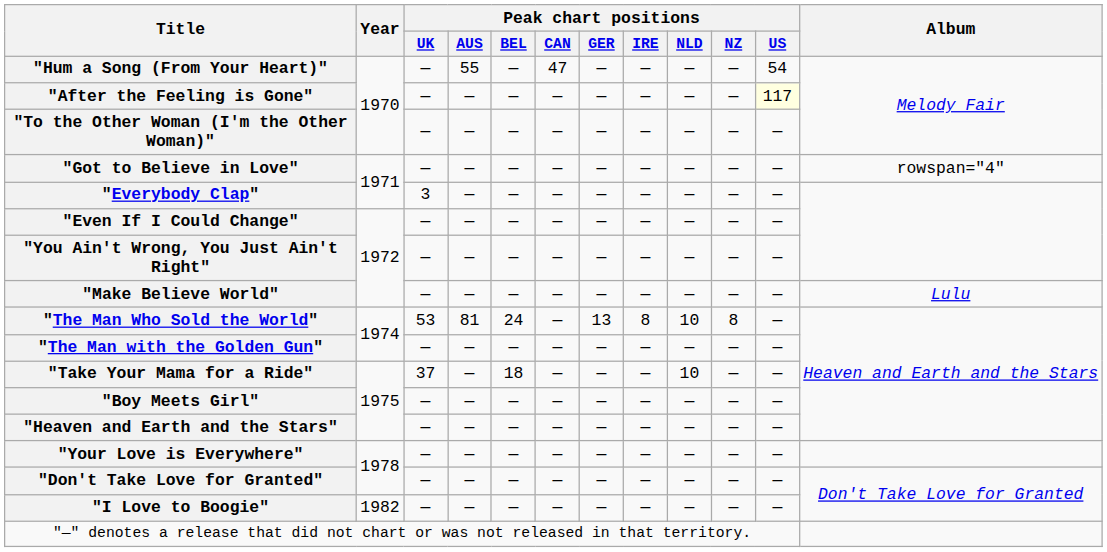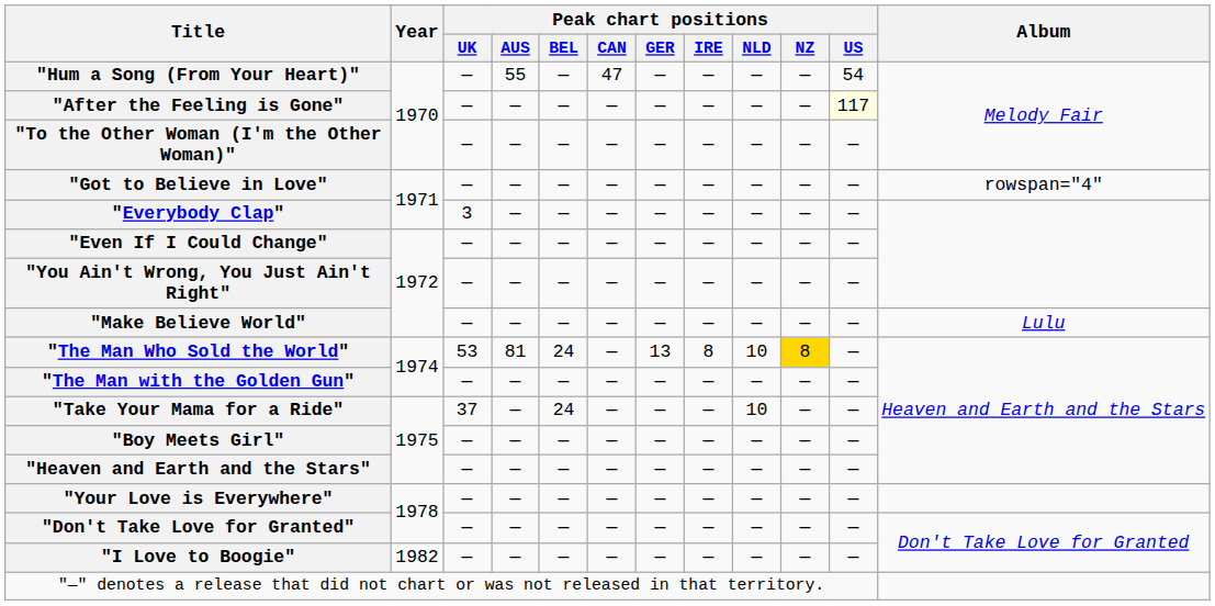 <table class="wikitable plainrowheaders" style="text-align:center;">
 <tr>
 <th scope="col" rowspan="2" style="width:21em;">Title</th>
 <th scope="col" rowspan="2">Year</th>
 <th scope="col" colspan="9">Peak chart positions</th>
 <th scope="col" rowspan="2">Album</th>
 </tr>
 <tr>
 <th style="width:2.5em;font-size:90%"><a href='#'>UK</a><br></th>
 <th style="width:2.5em;font-size:90%"><a href='#'>AUS</a><br></th>
 <th style="width:2.5em;font-size:90%"><a href='#'>BEL</a></th>
 <th style="width:2.5em;font-size:90%"><a href='#'>CAN</a></th>
 <th style="width:2.5em;font-size:90%"><a href='#'>GER</a></th>
 <th style="width:2.5em;font-size:90%"><a href='#'>IRE</a></th>
 <th style="width:2.5em;font-size:90%"><a href='#'>NLD</a></th>
 <th style="width:2.5em;font-size:90%"><a href='#'>NZ</a></th>
 <th style="width:2.5em;font-size:90%"><a href='#'>US</a><br></th>
 </tr>
 <tr>
 <th scope="row">"Hum a Song (From Your Heart)"<br></th>
 <td rowspan="3">1970</td>
 <td>—</td>
 <td>55</td>
 <td>—</td>
 <td>47</td>
 <td>—</td>
 <td>—</td>
 <td>—</td>
 <td>—</td>
 <td>54</td>
 <td rowspan="3"><em><a href='#'>Melody Fair</a></em></td>
 </tr>
 <tr>
 <th scope="row">"After the Feeling is Gone"<br></th>
 <td>—</td>
 <td>—</td>
 <td>—</td>
 <td>—</td>
 <td>—</td>
 <td>—</td>
 <td>—</td>
 <td>—</td>
 <td style="background: lightyellow;">117</td>
 </tr>
 <tr>
 <th scope="row">"To the Other Woman (I'm the Other Woman)"<br></th>
 <td>—</td>
 <td>—</td>
 <td>—</td>
 <td>—</td>
 <td>—</td>
 <td>—</td>
 <td>—</td>
 <td>—</td>
 <td>—</td>
 </tr>
 <tr>
 <th scope="row">"Got to Believe in Love"</th>
 <td rowspan="2">1971</td>
 <td>—</td>
 <td>—</td>
 <td>—</td>
 <td>—</td>
 <td>—</td>
 <td>—</td>
 <td>—</td>
 <td>—</td>
 <td>—</td>
 <td>rowspan="4" </td>
 </tr>
 <tr>
 <th scope="row">"<a href='#'>Everybody Clap</a>"</th>
 <td>3</td>
 <td>—</td>
 <td>—</td>
 <td>—</td>
 <td>—</td>
 <td>—</td>
 <td>—</td>
 <td>—</td>
 <td>—</td>
 </tr>
 <tr>
 <th scope="row">"Even If I Could Change"</th>
 <td rowspan="3">1972</td>
 <td>—</td>
 <td>—</td>
 <td>—</td>
 <td>—</td>
 <td>—</td>
 <td>—</td>
 <td>—</td>
 <td>—</td>
 <td>—</td>
 </tr>
 <tr>
 <th scope="row">"You Ain't Wrong, You Just Ain't Right"</th>
 <td>—</td>
 <td>—</td>
 <td>—</td>
 <td>—</td>
 <td>—</td>
 <td>—</td>
 <td>—</td>
 <td>—</td>
 <td>—</td>
 </tr>
 <tr>
 <th scope="row">"Make Believe World"</th>
 <td>—</td>
 <td>—</td>
 <td>—</td>
 <td>—</td>
 <td>—</td>
 <td>—</td>
 <td>—</td>
 <td>—</td>
 <td>—</td>
 <td><em><a href='#'>Lulu</a></em></td>
 </tr>
 <tr>
 <th scope="row">"<a href='#'>The Man Who Sold the World</a>"</th>
 <td rowspan="2">1974</td>
 <td>53</td>
 <td>81</td>
 <td>24</td>
 <td>—</td>
 <td>13</td>
 <td>8</td>
 <td>10</td>
-<td>8</td>
+<td style="background: gold;">8</td>
 <td>—</td>
 <td rowspan="5"><em><a href='#'>Heaven and Earth and the Stars</a></em></td>
 </tr>
 <tr>
 <th scope="row">"<a href='#'>The Man with the Golden Gun</a>"</th>
 <td>—</td>
 <td>—</td>
 <td>—</td>
 <td>—</td>
 <td>—</td>
 <td>—</td>
 <td>—</td>
 <td>—</td>
 <td>—</td>
 </tr>
 <tr>
 <th scope="row">"Take Your Mama for a Ride"</th>
 <td rowspan="3">1975</td>
 <td>37</td>
 <td>—</td>
-<td>18</td>
+<td>24</td>
 <td>—</td>
 <td>—</td>
 <td>—</td>
 <td>10</td>
 <td>—</td>
 <td>—</td>
 </tr>
 <tr>
 <th scope="row">"Boy Meets Girl"</th>
 <td>—</td>
 <td>—</td>
 <td>—</td>
 <td>—</td>
 <td>—</td>
 <td>—</td>
 <td>—</td>
 <td>—</td>
 <td>—</td>
 </tr>
 <tr>
 <th scope="row">"Heaven and Earth and the Stars"</th>
 <td>—</td>
 <td>—</td>
 <td>—</td>
 <td>—</td>
 <td>—</td>
 <td>—</td>
 <td>—</td>
 <td>—</td>
 <td>—</td>
 </tr>
 <tr>
 <th scope="row">"Your Love is Everywhere"</th>
 <td rowspan="2">1978</td>
 <td>—</td>
 <td>—</td>
 <td>—</td>
 <td>—</td>
 <td>—</td>
 <td>—</td>
 <td>—</td>
 <td>—</td>
 <td>—</td>
 <td></td>
 </tr>
 <tr>
 <th scope="row">"Don't Take Love for Granted"</th>
 <td>—</td>
 <td>—</td>
 <td>—</td>
 <td>—</td>
 <td>—</td>
 <td>—</td>
 <td>—</td>
 <td>—</td>
 <td>—</td>
 <td rowspan="2"><em><a href='#'>Don't Take Love for Granted</a></em></td>
 </tr>
 <tr>
 <th scope="row">"I Love to Boogie"</th>
 <td>1982</td>
 <td>—</td>
 <td>—</td>
 <td>—</td>
 <td>—</td>
 <td>—</td>
 <td>—</td>
 <td>—</td>
 <td>—</td>
 <td>—</td>
 </tr>
 <tr>
 <td colspan="11" style="font-size:90%">"—" denotes a release that did not chart or was not released in that territory.</td>
 </tr>
 </table>
